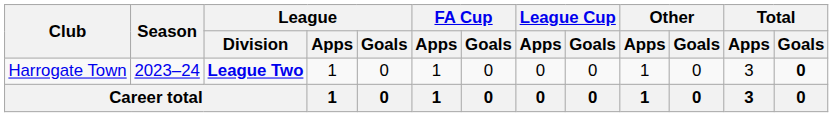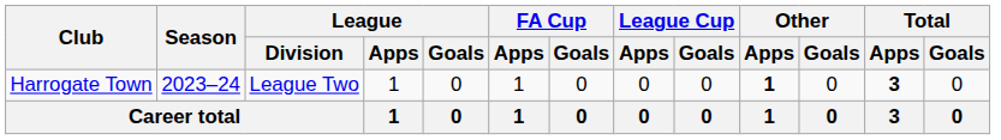 <table class="wikitable" style="text-align: center">
 <tr>
 <th rowspan="2">Club</th>
 <th rowspan="2">Season</th>
 <th colspan="3">League</th>
 <th colspan="2"><a href='#'>FA Cup</a></th>
 <th colspan="2"><a href='#'>League Cup</a></th>
 <th colspan="2">Other</th>
 <th colspan="2">Total</th>
 </tr>
 <tr>
 <th>Division</th>
 <th>Apps</th>
 <th>Goals</th>
 <th>Apps</th>
 <th>Goals</th>
 <th>Apps</th>
 <th>Goals</th>
 <th>Apps</th>
 <th>Goals</th>
 <th>Apps</th>
 <th>Goals</th>
 </tr>
 <tr>
 <td><a href='#'>Harrogate Town</a></td>
 <td><a href='#'>2023–24</a></td>
-<td><strong><a href='#'>League Two</a></strong></td>
+<td><a href='#'>League Two</a></td>
 <td>1</td>
 <td>0</td>
 <td>1</td>
 <td>0</td>
 <td>0</td>
 <td>0</td>
-<td>1</td>
+<td><strong>1</strong></td>
 <td>0</td>
-<td>3</td>
-<td><strong>0</strong></td>
+<td><strong>3</strong></td>
+<td>0</td>
 </tr>
 <tr>
 <th colspan="3">Career total</th>
 <th>1</th>
 <th>0</th>
 <th>1</th>
 <th>0</th>
 <th>0</th>
 <th>0</th>
 <th>1</th>
 <th>0</th>
 <th>3</th>
 <th>0</th>
 </tr>
 </table>
